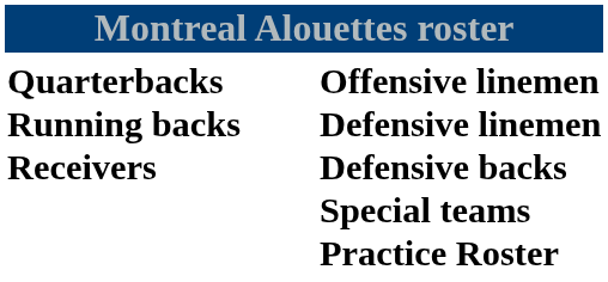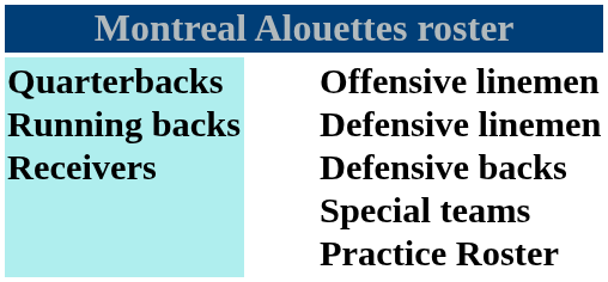 <table class="toccolours" style="text-align: left;">
 <tr>
 <th colspan="7" style="background:#003e77; color:#b1b9bc; text-align:center;"><strong>Montreal Alouettes roster</strong></th>
 </tr>
 <tr>
-<td style="font-size:95%; vertical-align:top;"><strong>Quarterbacks</strong><br><strong>Running backs</strong><br><strong>Receivers</strong></td>
+<td style="background: paleturquoise; font-size:95%; vertical-align:top;"><strong>Quarterbacks</strong><br><strong>Running backs</strong><br><strong>Receivers</strong></td>
 <td style="width: 25px;"></td>
 <td style="font-size:95%; vertical-align:top;"><strong>Offensive linemen</strong><br><strong>Defensive linemen</strong><br><strong>Defensive backs</strong><br><strong>Special teams</strong><br><strong>Practice Roster</strong></td>
 </tr>
 </table>
